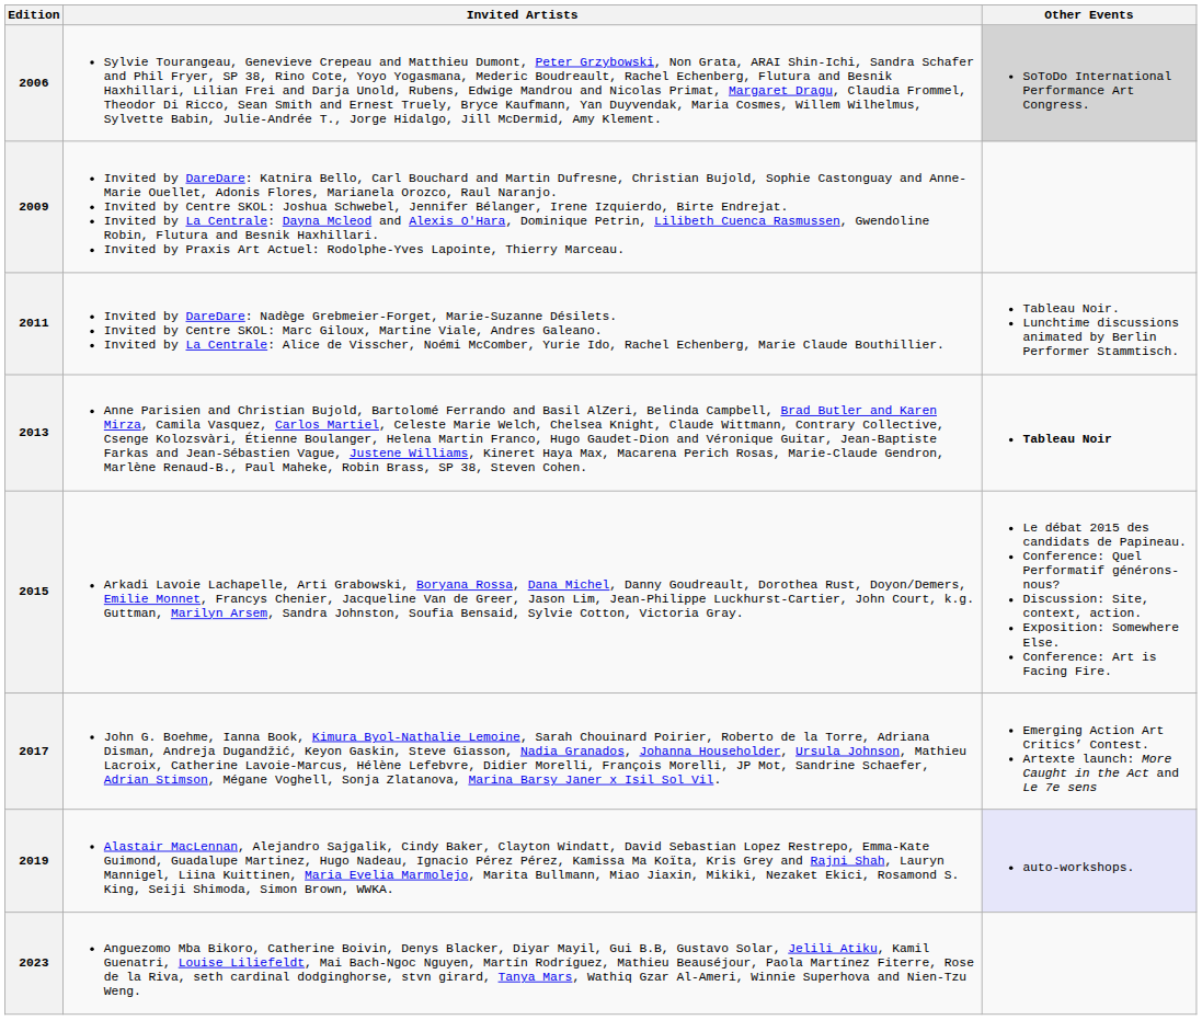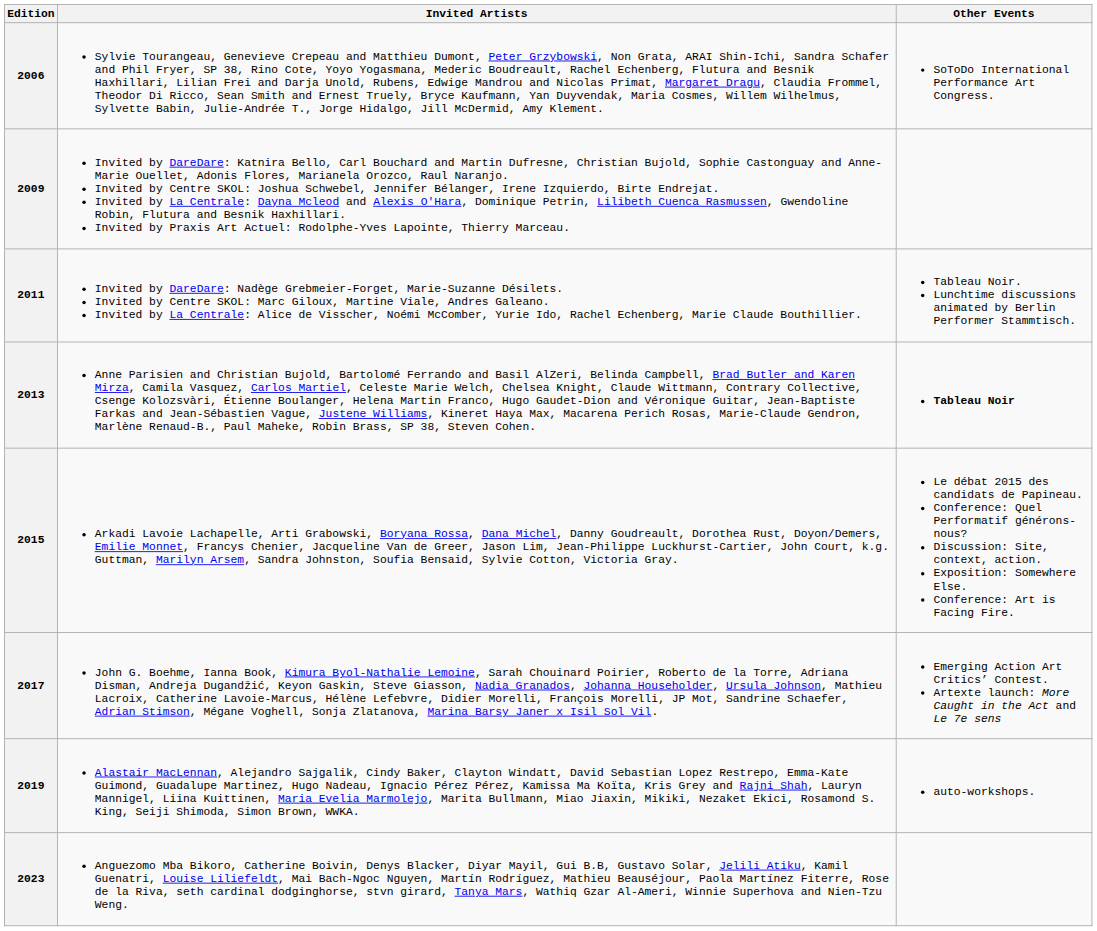 <table class="wikitable">
 <tr>
 <th>Edition</th>
 <th>Invited Artists</th>
 <th>Other Events</th>
 </tr>
 <tr>
 <th>2006</th>
 <td><br><ul><li>Sylvie Tourangeau, Genevieve Crepeau and Matthieu Dumont, <a href='#'>Peter Grzybowski</a>, Non Grata, ARAI Shin-Ichi, Sandra Schafer and Phil Fryer, SP 38, Rino Cote, Yoyo Yogasmana, Mederic Boudreault, Rachel Echenberg, Flutura and Besnik Haxhillari, Lilian Frei and Darja Unold, Rubens, Edwige Mandrou and Nicolas Primat, <a href='#'>Margaret Dragu</a>, Claudia Frommel, Theodor Di Ricco, Sean Smith and Ernest Truely, Bryce Kaufmann, Yan Duyvendak, Maria Cosmes, Willem Wilhelmus, Sylvette Babin, Julie-Andrée T., Jorge Hidalgo, Jill McDermid, Amy Klement.</li></ul></td>
-<td style="background: lightgrey;"><br><ul><li>SoToDo International Performance Art Congress.</li></ul></td>
+<td><br><ul><li>SoToDo International Performance Art Congress.</li></ul></td>
 </tr>
 <tr>
 <th>2009</th>
 <td><br><ul><li>Invited by <a href='#'>DareDare</a>: Katnira Bello, Carl Bouchard and Martin Dufresne, Christian Bujold, Sophie Castonguay and Anne-Marie Ouellet, Adonis Flores, Marianela Orozco, Raul Naranjo.</li><li>Invited by Centre SKOL: Joshua Schwebel, Jennifer Bélanger, Irene Izquierdo, Birte Endrejat.</li><li>Invited by <a href='#'>La Centrale</a>: <a href='#'>Dayna Mcleod</a> and <a href='#'>Alexis O'Hara</a>, Dominique Petrin, <a href='#'>Lilibeth Cuenca Rasmussen</a>, Gwendoline Robin, Flutura and Besnik Haxhillari.</li><li>Invited by Praxis Art Actuel: Rodolphe-Yves Lapointe, Thierry Marceau.</li></ul></td>
 <td></td>
 </tr>
 <tr>
 <th>2011</th>
 <td><br><ul><li>Invited by <a href='#'>DareDare</a>: Nadège Grebmeier-Forget, Marie-Suzanne Désilets.</li><li>Invited by Centre SKOL: Marc Giloux, Martine Viale, Andres Galeano.</li><li>Invited by <a href='#'>La Centrale</a>: Alice de Visscher, Noémi McComber, Yurie Ido, Rachel Echenberg, Marie Claude Bouthillier.</li></ul></td>
 <td><br><ul><li>Tableau Noir.</li><li>Lunchtime discussions animated by Berlin Performer Stammtisch.</li></ul></td>
 </tr>
 <tr>
 <th>2013</th>
 <td><br><ul><li>Anne Parisien and Christian Bujold, Bartolomé Ferrando and Basil AlZeri, Belinda Campbell, <a href='#'>Brad Butler and Karen Mirza</a>, Camila Vasquez, <a href='#'>Carlos Martiel</a>, Celeste Marie Welch, Chelsea Knight, Claude Wittmann, Contrary Collective, Csenge Kolozsvàri, Étienne Boulanger, Helena Martin Franco, Hugo Gaudet-Dion and Véronique Guitar, Jean-Baptiste Farkas and Jean-Sébastien Vague, <a href='#'>Justene Williams</a>, Kineret Haya Max, Macarena Perich Rosas, Marie-Claude Gendron, Marlène Renaud-B., Paul Maheke, Robin Brass, SP 38, Steven Cohen.</li></ul></td>
 <td><strong><br><ul><li>Tableau Noir</li></ul></strong></td>
 </tr>
 <tr>
 <th>2015</th>
 <td><br><ul><li>Arkadi Lavoie Lachapelle, Arti Grabowski, <a href='#'>Boryana Rossa</a>, <a href='#'>Dana Michel</a>, Danny Goudreault, Dorothea Rust, Doyon/Demers, <a href='#'>Emilie Monnet</a>, Francys Chenier, Jacqueline Van de Greer, Jason Lim, Jean-Philippe Luckhurst-Cartier, John Court, k.g. Guttman, <a href='#'>Marilyn Arsem</a>, Sandra Johnston, Soufia Bensaid, Sylvie Cotton, Victoria Gray.</li></ul></td>
 <td><br><ul><li>Le débat 2015 des candidats de Papineau.</li><li>Conference: Quel Performatif générons-nous?</li><li>Discussion: Site, context, action.</li><li>Exposition: Somewhere Else.</li><li>Conference: Art is Facing Fire.</li></ul></td>
 </tr>
 <tr>
 <th>2017</th>
 <td><br><ul><li>John G. Boehme, Ianna Book, <a href='#'>Kimura Byol-Nathalie Lemoine</a>, Sarah Chouinard Poirier, Roberto de la Torre, Adriana Disman, Andreja Dugandžić, Keyon Gaskin, Steve Giasson, <a href='#'>Nadia Granados</a>, <a href='#'>Johanna Householder</a>, <a href='#'>Ursula Johnson</a>, Mathieu Lacroix, Catherine Lavoie-Marcus, Hélène Lefebvre, Didier Morelli, François Morelli, JP Mot, Sandrine Schaefer, <a href='#'>Adrian Stimson</a>, Mégane Voghell, Sonja Zlatanova, <a href='#'>Marina Barsy Janer x Isil Sol Vil</a>.</li></ul></td>
 <td><br><ul><li>Emerging Action Art Critics’ Contest.</li><li>Artexte launch: <em>More Caught in the Act</em> and <em>Le 7e sens</em></li></ul></td>
 </tr>
 <tr>
 <th>2019</th>
 <td><br><ul><li><a href='#'>Alastair MacLennan</a>, Alejandro Sajgalik, Cindy Baker, Clayton Windatt, David Sebastian Lopez Restrepo, Emma-Kate Guimond, Guadalupe Martinez, Hugo Nadeau, Ignacio Pérez Pérez, Kamissa Ma Koïta, Kris Grey and <a href='#'>Rajni Shah</a>, Lauryn Mannigel, Liina Kuittinen, <a href='#'>Maria Evelia Marmolejo</a>, Marita Bullmann, Miao Jiaxin, Mikiki, Nezaket Ekici, Rosamond S. King, Seiji Shimoda, Simon Brown, WWKA.</li></ul></td>
-<td style="background: lavender;"><br><ul><li>auto-workshops.</li></ul></td>
+<td><br><ul><li>auto-workshops.</li></ul></td>
 </tr>
 <tr>
 <th>2023</th>
 <td><br><ul><li>Anguezomo Mba Bikoro, Catherine Boivin, Denys Blacker, Diyar Mayil, Gui B.B, Gustavo Solar, <a href='#'>Jelili Atiku</a>, Kamil Guenatri, <a href='#'>Louise Liliefeldt</a>, Mai Bach-Ngoc Nguyen, Martín Rodríguez, Mathieu Beauséjour, Paola Martínez Fiterre, Rose de la Riva, seth cardinal dodginghorse, stvn girard, <a href='#'>Tanya Mars</a>, Wathiq Gzar Al-Ameri, Winnie Superhova and Nien-Tzu Weng.</li></ul></td>
 </tr>
 </table>
